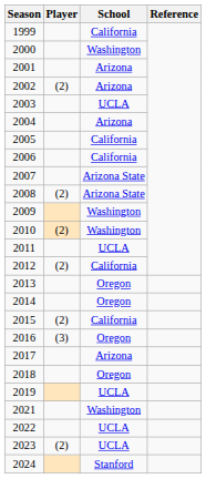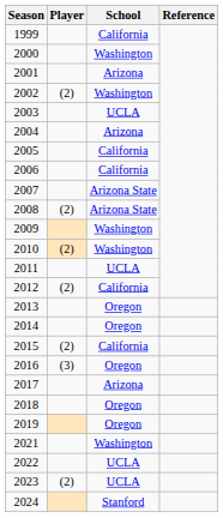 <table class="wikitable sortable">
 <tr>
 <th>Season</th>
 <th>Player</th>
 <th>School</th>
 <th class="unsortable">Reference</th>
 </tr>
 <tr align=center>
 <td>1999</td>
 <td></td>
 <td><a href='#'>California</a></td>
 <td rowspan="14"></td>
 </tr>
 <tr align=center>
 <td>2000</td>
 <td></td>
 <td><a href='#'>Washington</a></td>
 </tr>
 <tr align=center>
 <td>2001</td>
 <td></td>
 <td><a href='#'>Arizona</a></td>
 </tr>
 <tr align=center>
 <td>2002</td>
 <td> (2)</td>
-<td><a href='#'>Arizona</a></td>
+<td><a href='#'>Washington</a></td>
 </tr>
 <tr align=center>
 <td>2003</td>
 <td></td>
 <td><a href='#'>UCLA</a></td>
 </tr>
 <tr align=center>
 <td>2004</td>
 <td></td>
 <td><a href='#'>Arizona</a></td>
 </tr>
 <tr align=center>
 <td>2005</td>
 <td></td>
 <td><a href='#'>California</a></td>
 </tr>
 <tr align=center>
 <td>2006</td>
 <td></td>
 <td><a href='#'>California</a></td>
 </tr>
 <tr align=center>
 <td>2007</td>
 <td></td>
 <td><a href='#'>Arizona State</a></td>
 </tr>
 <tr align=center>
 <td>2008</td>
 <td> (2)</td>
 <td><a href='#'>Arizona State</a></td>
 </tr>
 <tr align=center>
 <td>2009</td>
 <td style="background:#ffe6bd;"></td>
 <td><a href='#'>Washington</a></td>
 </tr>
 <tr align=center>
 <td>2010</td>
 <td style="background:#ffe6bd;"> (2)</td>
 <td><a href='#'>Washington</a></td>
 </tr>
 <tr align=center>
 <td>2011</td>
 <td></td>
 <td><a href='#'>UCLA</a></td>
 </tr>
 <tr align=center>
 <td>2012</td>
 <td> (2)</td>
 <td><a href='#'>California</a></td>
 </tr>
 <tr align=center>
 <td>2013</td>
 <td></td>
 <td><a href='#'>Oregon</a></td>
 <td style="text-align:center;"></td>
 </tr>
 <tr align=center>
 <td>2014</td>
 <td></td>
 <td><a href='#'>Oregon</a></td>
 <td style="text-align:center;"></td>
 </tr>
 <tr align=center>
 <td>2015</td>
 <td> (2)</td>
 <td><a href='#'>California</a></td>
 <td style="text-align:center;"></td>
 </tr>
 <tr align=center>
 <td>2016</td>
 <td> (3)</td>
 <td><a href='#'>Oregon</a></td>
 <td style="text-align:center;"></td>
 </tr>
 <tr align=center>
 <td>2017</td>
 <td></td>
 <td><a href='#'>Arizona</a></td>
 <td style="text-align:center;"></td>
 </tr>
 <tr align=center>
 <td>2018</td>
 <td></td>
 <td><a href='#'>Oregon</a></td>
 <td style="text-align:center;"></td>
 </tr>
 <tr align=center>
 <td>2019</td>
 <td style="background:#ffe6bd;"></td>
-<td><a href='#'>UCLA</a></td>
+<td><a href='#'>Oregon</a></td>
 <td style="text-align:center;"></td>
 </tr>
 <tr align=center>
 <td>2021</td>
 <td></td>
 <td><a href='#'>Washington</a></td>
 <td style="text-align:center;"></td>
 </tr>
 <tr align=center>
 <td>2022</td>
 <td></td>
 <td><a href='#'>UCLA</a></td>
 <td style="text-align:center;"></td>
 </tr>
 <tr align=center>
 <td>2023</td>
 <td> (2)</td>
 <td><a href='#'>UCLA</a></td>
 <td style="text-align:center;"></td>
 </tr>
 <tr align=center>
 <td>2024</td>
 <td style="background:#ffe6bd;"></td>
 <td><a href='#'>Stanford</a></td>
 <td style="text-align:center;"></td>
 </tr>
 </table>
